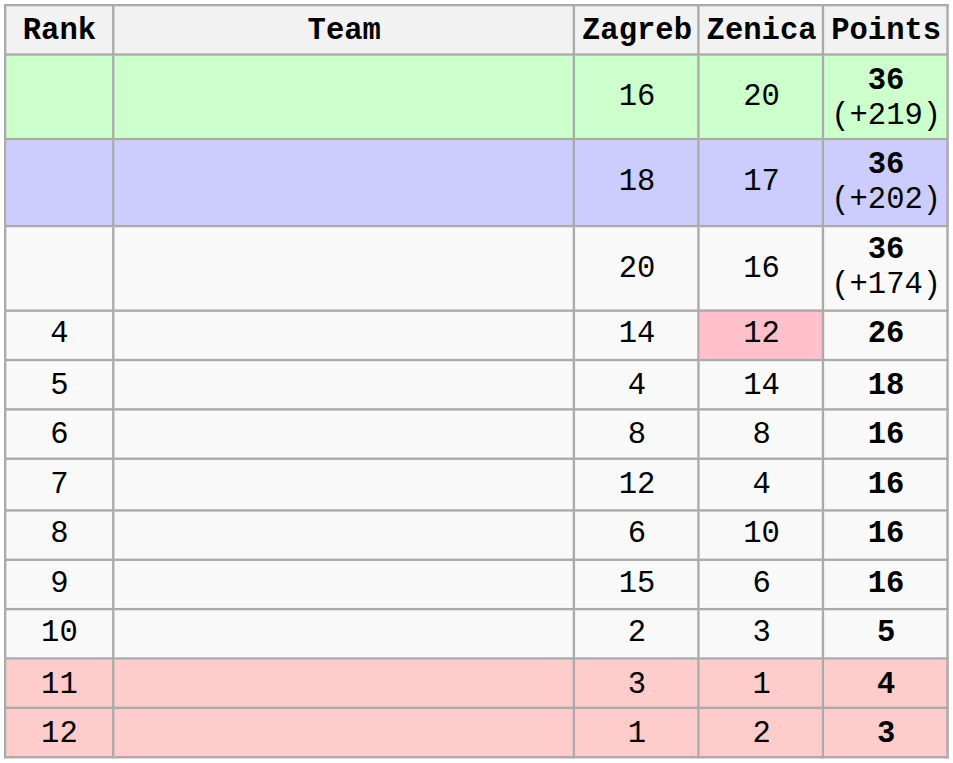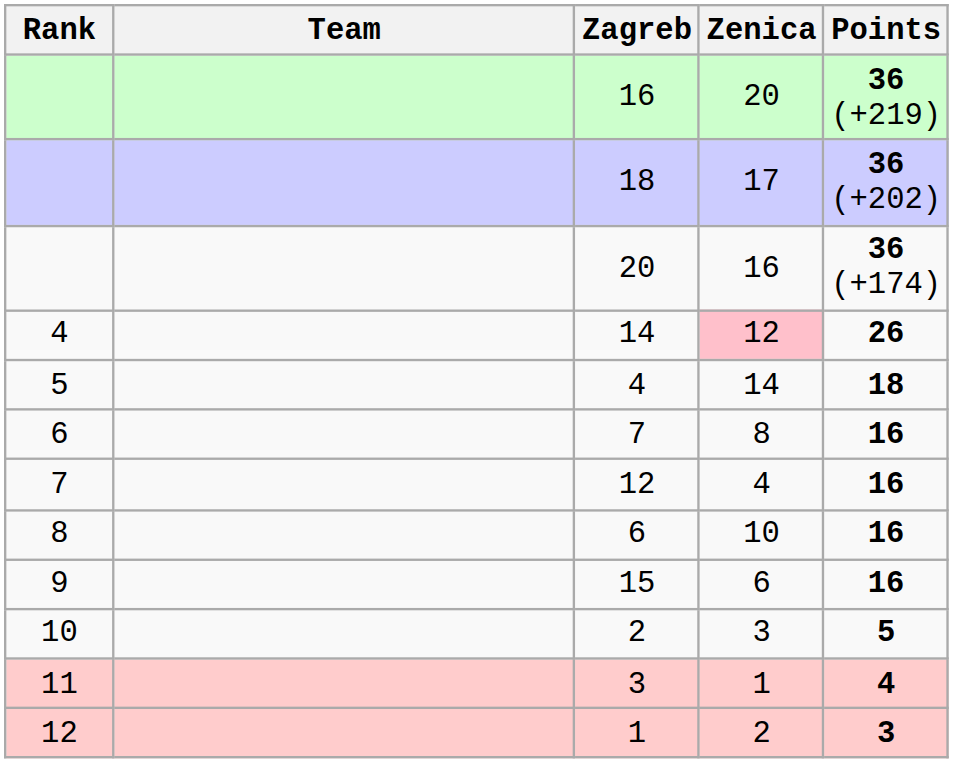 <table class="wikitable" style="text-align: center;">
 <tr>
 <th width=40>Rank</th>
 <th width=190>Team</th>
 <th width=40>Zagreb</th>
 <th width=40>Zenica</th>
 <th width=40>Points</th>
 </tr>
 <tr bgcolor=ccffcc>
 <td></td>
 <td align=left></td>
 <td>16</td>
 <td>20</td>
 <td><strong>36</strong> (+219)</td>
 </tr>
 <tr bgcolor=ccccff>
 <td></td>
 <td align=left></td>
 <td>18</td>
 <td>17</td>
 <td><strong>36</strong> (+202)</td>
 </tr>
 <tr>
 <td></td>
 <td align=left></td>
 <td>20</td>
 <td>16</td>
 <td><strong>36</strong>  (+174)</td>
 </tr>
 <tr>
 <td>4</td>
 <td align=left></td>
 <td>14</td>
 <td style="background: pink;">12</td>
 <td><strong>26</strong></td>
 </tr>
 <tr>
 <td>5</td>
 <td align=left></td>
 <td>4</td>
 <td>14</td>
 <td><strong>18</strong></td>
 </tr>
 <tr>
 <td>6</td>
 <td align=left></td>
-<td>8</td>
+<td>7</td>
 <td>8</td>
 <td><strong>16</strong></td>
 </tr>
 <tr>
 <td>7</td>
 <td align=left></td>
 <td>12</td>
 <td>4</td>
 <td><strong>16</strong></td>
 </tr>
 <tr>
 <td>8</td>
 <td align=left></td>
 <td>6</td>
 <td>10</td>
 <td><strong>16</strong></td>
 </tr>
 <tr>
 <td>9</td>
 <td align=left></td>
 <td>15</td>
 <td>6</td>
 <td><strong>16</strong></td>
 </tr>
 <tr>
 <td>10</td>
 <td align=left></td>
 <td>2</td>
 <td>3</td>
 <td><strong>5</strong></td>
 </tr>
 <tr bgcolor=ffcccc>
 <td>11</td>
 <td align=left></td>
 <td>3</td>
 <td>1</td>
 <td><strong>4</strong></td>
 </tr>
 <tr bgcolor=ffcccc>
 <td>12</td>
 <td align=left></td>
 <td>1</td>
 <td>2</td>
 <td><strong>3</strong></td>
 </tr>
 </table>
